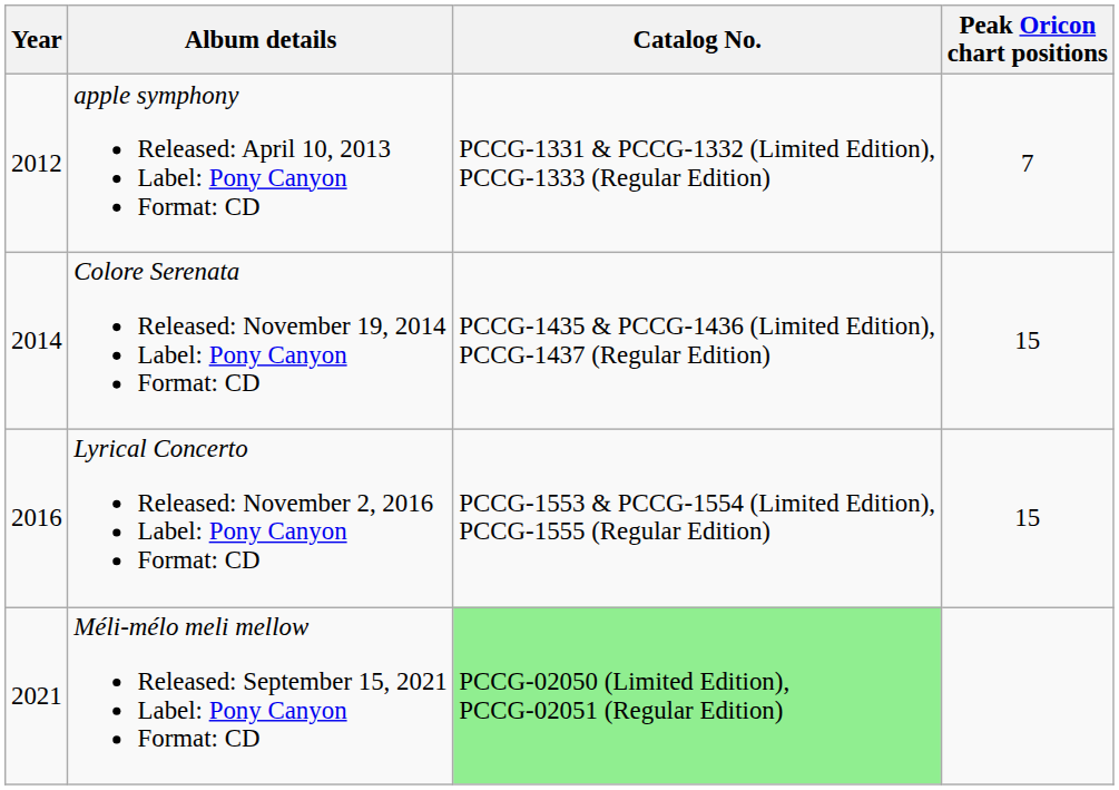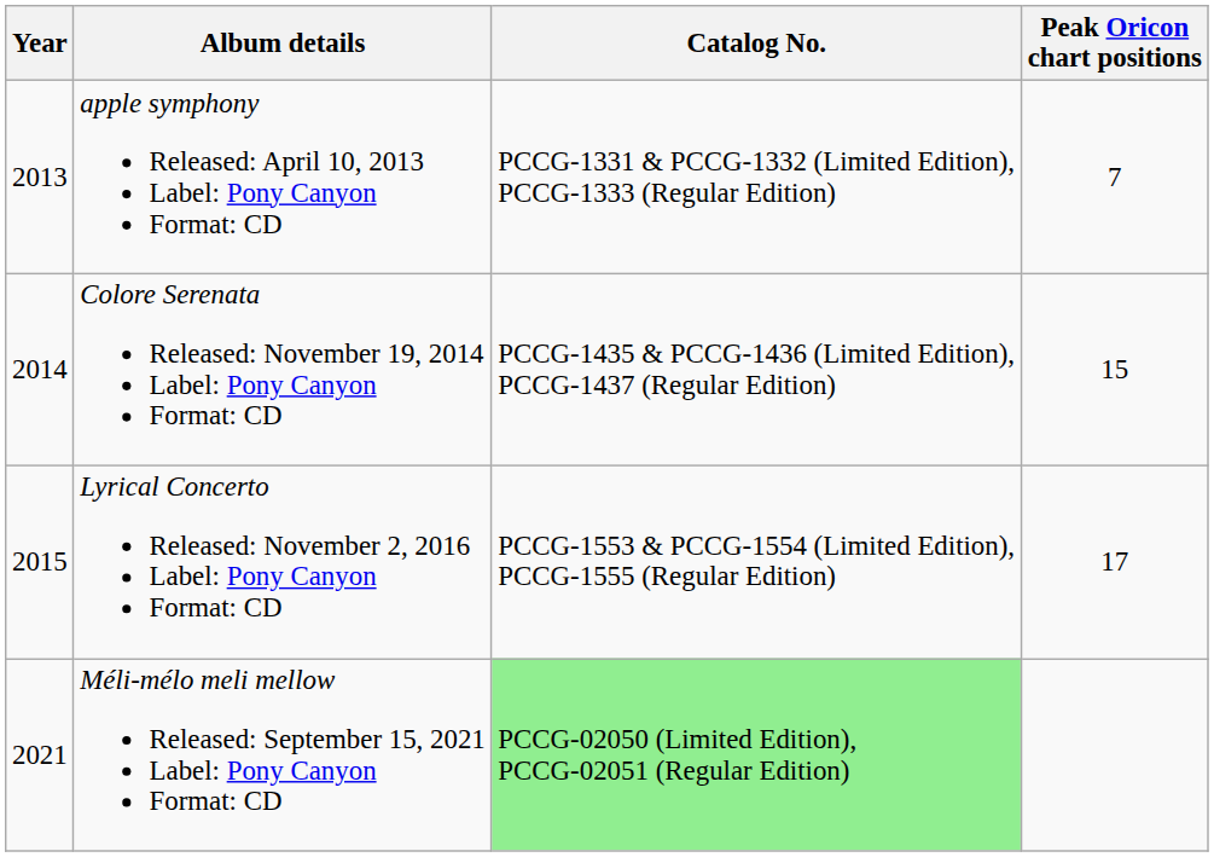 <table class="wikitable">
 <tr>
 <th>Year</th>
 <th>Album details</th>
 <th>Catalog No.</th>
 <th>Peak <a href='#'>Oricon</a><br> chart positions</th>
 </tr>
 <tr>
-<td>2012</td>
+<td>2013</td>
 <td align="left"><em>apple symphony</em><br><ul><li>Released: April 10, 2013</li><li>Label: <a href='#'>Pony Canyon</a></li><li>Format: CD</li></ul></td>
 <td>PCCG-1331 & PCCG-1332 (Limited Edition),<br>PCCG-1333 (Regular Edition)</td>
 <td align="center">7</td>
 </tr>
 <tr>
 <td>2014</td>
 <td align="left"><em>Colore Serenata</em><br><ul><li>Released: November 19, 2014</li><li>Label: <a href='#'>Pony Canyon</a></li><li>Format: CD</li></ul></td>
 <td>PCCG-1435 & PCCG-1436 (Limited Edition),<br>PCCG-1437 (Regular Edition)</td>
 <td align="center">15</td>
 </tr>
 <tr>
-<td>2016</td>
+<td>2015</td>
 <td align="left"><em>Lyrical Concerto</em><br><ul><li>Released: November 2, 2016</li><li>Label: <a href='#'>Pony Canyon</a></li><li>Format: CD</li></ul></td>
 <td>PCCG-1553 & PCCG-1554 (Limited Edition),<br>PCCG-1555 (Regular Edition)</td>
-<td align="center">15</td>
+<td align="center">17</td>
 </tr>
 <tr>
 <td>2021</td>
 <td align="left"><em>Méli-mélo meli mellow</em><br><ul><li>Released: September 15, 2021</li><li>Label: <a href='#'>Pony Canyon</a></li><li>Format: CD</li></ul></td>
 <td style="background: lightgreen;">PCCG-02050 (Limited Edition),<br>PCCG-02051 (Regular Edition)</td>
 <td align="center"></td>
 </tr>
 </table>
